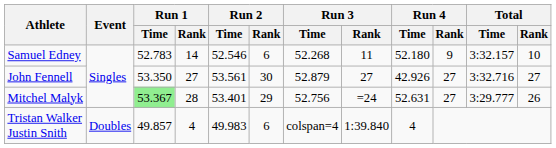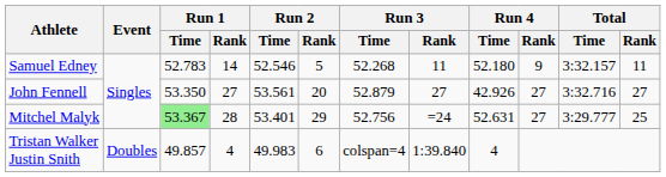 <table class="wikitable" style="font-size:90%">
 <tr>
 <th rowspan="2">Athlete</th>
 <th rowspan="2">Event</th>
 <th colspan=2>Run 1</th>
 <th colspan=2>Run 2</th>
 <th colspan=2>Run 3</th>
 <th colspan=2>Run 4</th>
 <th colspan=2>Total</th>
 </tr>
 <tr style="font-size:95%">
 <th>Time</th>
 <th>Rank</th>
 <th>Time</th>
 <th>Rank</th>
 <th>Time</th>
 <th>Rank</th>
 <th>Time</th>
 <th>Rank</th>
 <th>Time</th>
 <th>Rank</th>
 </tr>
 <tr align=center>
 <td align=left><a href='#'>Samuel Edney</a></td>
 <td align=left rowspan="3"><a href='#'>Singles</a></td>
 <td>52.783</td>
 <td>14</td>
 <td>52.546</td>
-<td>6</td>
+<td>5</td>
 <td>52.268</td>
 <td>11</td>
 <td>52.180</td>
 <td>9</td>
 <td>3:32.157</td>
-<td>10</td>
+<td>11</td>
 </tr>
 <tr align=center>
 <td align=left><a href='#'>John Fennell</a></td>
 <td>53.350</td>
 <td>27</td>
 <td>53.561</td>
-<td>30</td>
+<td>20</td>
 <td>52.879</td>
 <td>27</td>
 <td>42.926</td>
 <td>27</td>
 <td>3:32.716</td>
 <td>27</td>
 </tr>
 <tr align=center>
 <td align=left><a href='#'>Mitchel Malyk</a></td>
 <td style="background: lightgreen;">53.367</td>
 <td>28</td>
 <td>53.401</td>
 <td>29</td>
 <td>52.756</td>
 <td>=24</td>
 <td>52.631</td>
 <td>27</td>
 <td>3:29.777</td>
-<td>26</td>
+<td>25</td>
 </tr>
 <tr align=center>
 <td align=left><a href='#'>Tristan Walker</a><br><a href='#'>Justin Snith</a></td>
 <td align=left><a href='#'>Doubles</a></td>
 <td>49.857</td>
 <td>4</td>
 <td>49.983</td>
 <td>6</td>
 <td>colspan=4 </td>
 <td>1:39.840</td>
 <td>4</td>
 </tr>
 </table>
